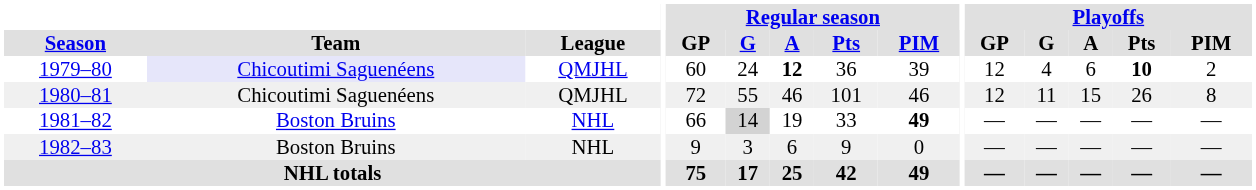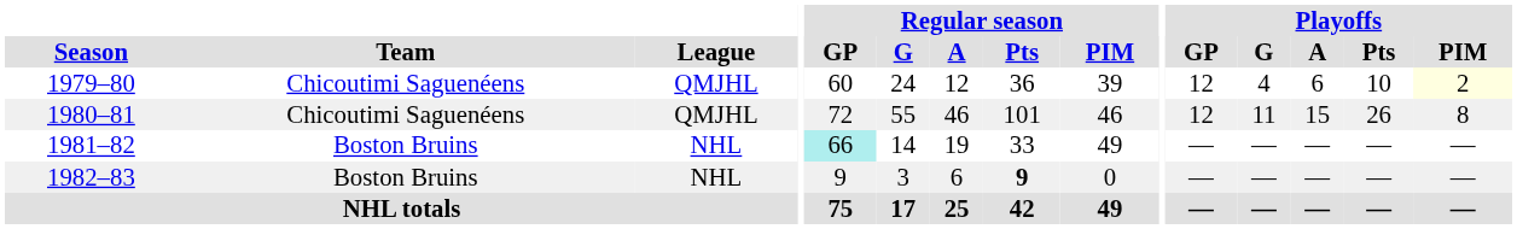 <table border="0" cellpadding="1" cellspacing="0" style="text-align:center; width:60em">
 <tr bgcolor="#e0e0e0">
 <th colspan="3" bgcolor="#ffffff"></th>
 <th rowspan="100" bgcolor="#ffffff"></th>
 <th colspan="5"><a href='#'>Regular season</a></th>
 <th rowspan="100" bgcolor="#ffffff"></th>
 <th colspan="5"><a href='#'>Playoffs</a></th>
 </tr>
 <tr bgcolor="#e0e0e0">
 <th><a href='#'>Season</a></th>
 <th>Team</th>
 <th>League</th>
 <th>GP</th>
 <th><a href='#'>G</a></th>
 <th><a href='#'>A</a></th>
 <th><a href='#'>Pts</a></th>
 <th><a href='#'>PIM</a></th>
 <th>GP</th>
 <th>G</th>
 <th>A</th>
 <th>Pts</th>
 <th>PIM</th>
 </tr>
 <tr>
 <td><a href='#'>1979–80</a></td>
-<td style="background: lavender;"><a href='#'>Chicoutimi Saguenéens</a></td>
+<td><a href='#'>Chicoutimi Saguenéens</a></td>
 <td><a href='#'>QMJHL</a></td>
 <td>60</td>
 <td>24</td>
-<td><strong>12</strong></td>
+<td>12</td>
 <td>36</td>
 <td>39</td>
 <td>12</td>
 <td>4</td>
 <td>6</td>
-<td><strong>10</strong></td>
-<td>2</td>
+<td>10</td>
+<td style="background: lightyellow;">2</td>
 </tr>
 <tr bgcolor="#f0f0f0">
 <td><a href='#'>1980–81</a></td>
 <td>Chicoutimi Saguenéens</td>
 <td>QMJHL</td>
 <td>72</td>
 <td>55</td>
 <td>46</td>
 <td>101</td>
 <td>46</td>
 <td>12</td>
 <td>11</td>
 <td>15</td>
 <td>26</td>
 <td>8</td>
 </tr>
 <tr>
 <td><a href='#'>1981–82</a></td>
 <td><a href='#'>Boston Bruins</a></td>
 <td><a href='#'>NHL</a></td>
-<td>66</td>
-<td style="background: lightgrey;">14</td>
+<td style="background: paleturquoise;">66</td>
+<td>14</td>
 <td>19</td>
 <td>33</td>
-<td><strong>49</strong></td>
+<td>49</td>
 <td>—</td>
 <td>—</td>
 <td>—</td>
 <td>—</td>
 <td>—</td>
 </tr>
 <tr>
 </tr>
 <tr bgcolor="#f0f0f0">
 <td><a href='#'>1982–83</a></td>
 <td>Boston Bruins</td>
 <td>NHL</td>
 <td>9</td>
 <td>3</td>
 <td>6</td>
-<td>9</td>
+<td><strong>9</strong></td>
 <td>0</td>
 <td>—</td>
 <td>—</td>
 <td>—</td>
 <td>—</td>
 <td>—</td>
 </tr>
 <tr bgcolor="#e0e0e0">
 <th colspan="3">NHL totals</th>
 <th>75</th>
 <th>17</th>
 <th>25</th>
 <th>42</th>
 <th>49</th>
 <th>—</th>
 <th>—</th>
 <th>—</th>
 <th>—</th>
 <th>—</th>
 </tr>
 </table>
